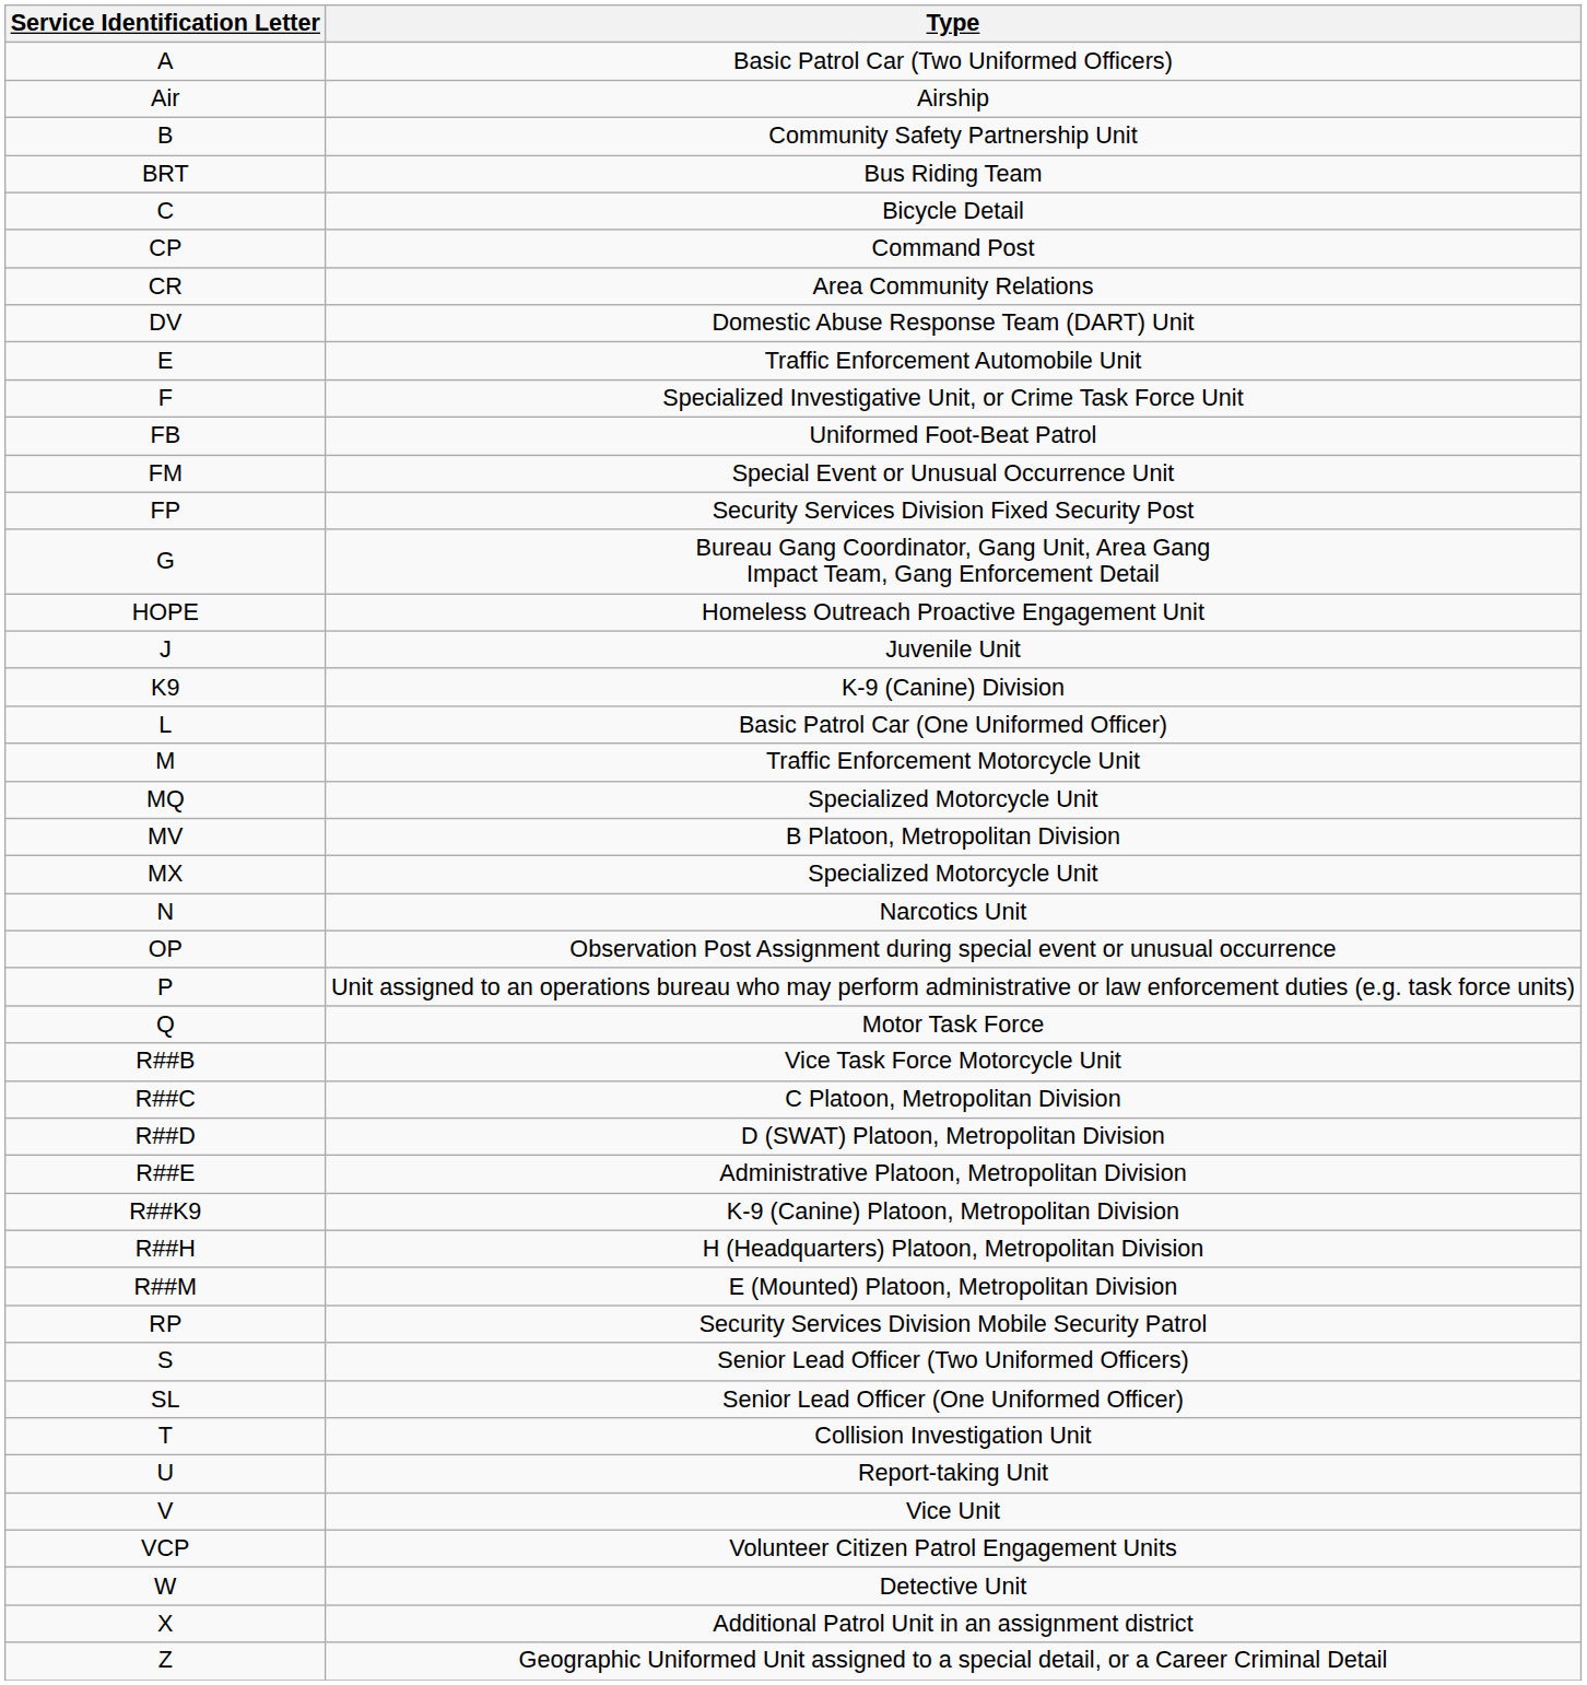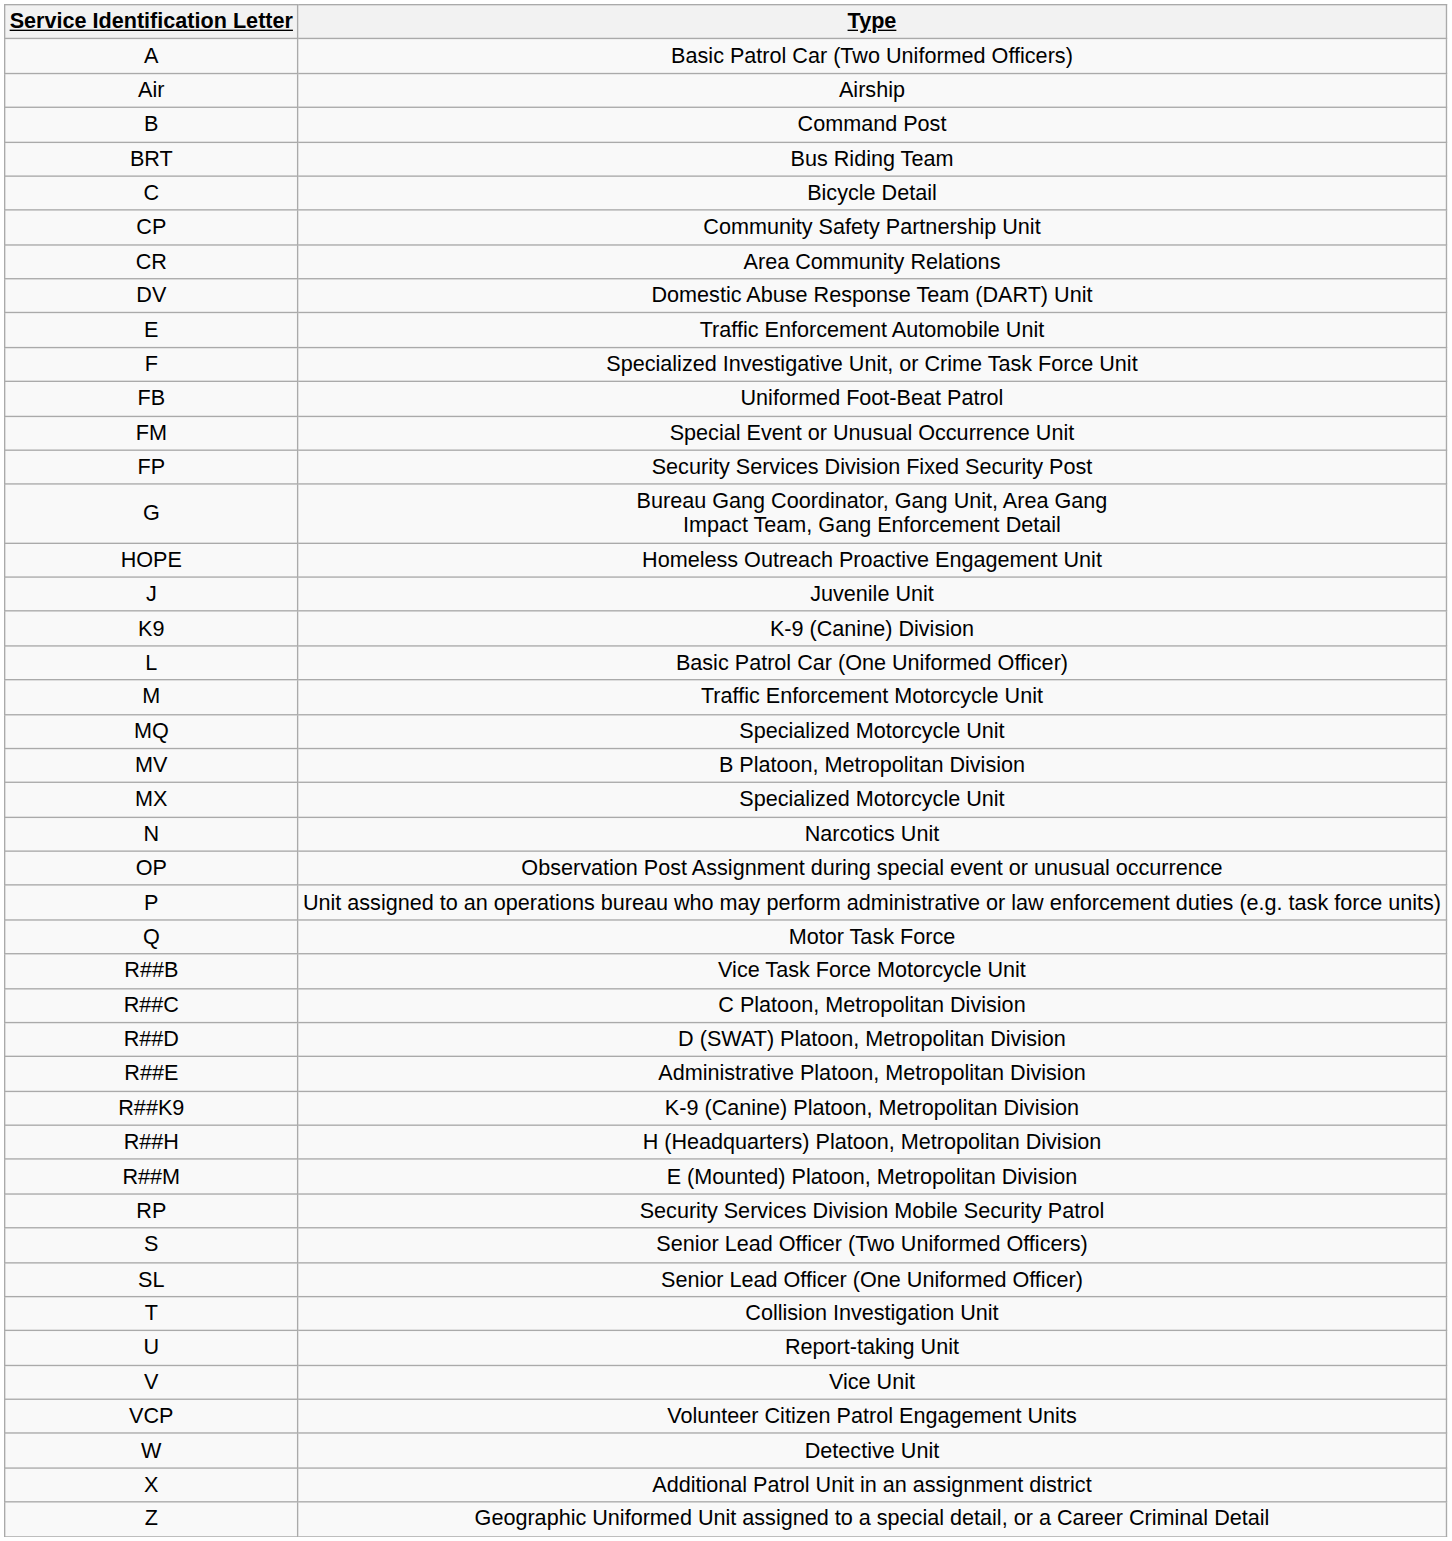 <table class="wikitable" style="text-align:center;">
 <tr style="font-weight:bold; text-decoration:underline;">
 <th>Service Identification Letter</th>
 <th>Type</th>
 </tr>
 <tr>
 <td>A</td>
 <td>Basic Patrol Car (Two Uniformed Officers)</td>
 </tr>
 <tr>
 <td>Air</td>
 <td>Airship</td>
 </tr>
 <tr>
 <td>B</td>
-<td>Community Safety Partnership Unit</td>
+<td>Command Post</td>
 </tr>
 <tr>
 <td>BRT</td>
 <td>Bus Riding Team</td>
 </tr>
 <tr>
 <td>C</td>
 <td>Bicycle Detail</td>
 </tr>
 <tr>
 <td>CP</td>
-<td>Command Post</td>
+<td>Community Safety Partnership Unit</td>
 </tr>
 <tr>
 <td>CR</td>
 <td>Area Community Relations</td>
 </tr>
 <tr>
 <td>DV</td>
 <td>Domestic Abuse Response Team (DART) Unit</td>
 </tr>
 <tr>
 <td>E</td>
 <td>Traffic Enforcement Automobile Unit</td>
 </tr>
 <tr>
 <td>F</td>
 <td>Specialized Investigative Unit, or Crime Task Force Unit</td>
 </tr>
 <tr>
 <td>FB</td>
 <td>Uniformed Foot-Beat Patrol</td>
 </tr>
 <tr>
 <td>FM</td>
 <td>Special Event or Unusual Occurrence Unit</td>
 </tr>
 <tr>
 <td>FP</td>
 <td>Security Services Division Fixed Security Post</td>
 </tr>
 <tr>
 <td>G</td>
 <td>Bureau Gang Coordinator, Gang Unit, Area Gang<br>Impact Team, Gang Enforcement Detail</td>
 </tr>
 <tr>
 <td>HOPE</td>
 <td>Homeless Outreach Proactive Engagement Unit</td>
 </tr>
 <tr>
 <td>J</td>
 <td>Juvenile Unit</td>
 </tr>
 <tr>
 <td>K9</td>
 <td>K-9 (Canine) Division</td>
 </tr>
 <tr>
 <td>L</td>
 <td>Basic Patrol Car (One Uniformed Officer)</td>
 </tr>
 <tr>
 <td>M</td>
 <td>Traffic Enforcement Motorcycle Unit</td>
 </tr>
 <tr>
 <td>MQ</td>
 <td>Specialized Motorcycle Unit</td>
 </tr>
 <tr>
 <td>MV</td>
 <td>B Platoon, Metropolitan Division</td>
 </tr>
 <tr>
 <td>MX</td>
 <td>Specialized Motorcycle Unit</td>
 </tr>
 <tr>
 <td>N</td>
 <td>Narcotics Unit</td>
 </tr>
 <tr>
 <td>OP</td>
 <td>Observation Post Assignment during special event or unusual occurrence</td>
 </tr>
 <tr>
 <td>P</td>
 <td>Unit assigned to an operations bureau who may perform administrative or law enforcement duties (e.g. task force units)</td>
 </tr>
 <tr>
 <td>Q</td>
 <td>Motor Task Force</td>
 </tr>
 <tr>
 <td>R##B</td>
 <td>Vice Task Force Motorcycle Unit</td>
 </tr>
 <tr>
 <td>R##C</td>
 <td>C Platoon, Metropolitan Division</td>
 </tr>
 <tr>
 <td>R##D</td>
 <td>D (SWAT) Platoon, Metropolitan Division</td>
 </tr>
 <tr>
 <td>R##E</td>
 <td>Administrative Platoon, Metropolitan Division</td>
 </tr>
 <tr>
 <td>R##K9</td>
 <td>K-9 (Canine) Platoon, Metropolitan Division</td>
 </tr>
 <tr>
 <td>R##H</td>
 <td>H (Headquarters) Platoon, Metropolitan Division</td>
 </tr>
 <tr>
 <td>R##M</td>
 <td>E (Mounted) Platoon, Metropolitan Division</td>
 </tr>
 <tr>
 <td>RP</td>
 <td>Security Services Division Mobile Security Patrol</td>
 </tr>
 <tr>
 <td>S</td>
 <td>Senior Lead Officer (Two Uniformed Officers)</td>
 </tr>
 <tr>
 <td>SL</td>
 <td>Senior Lead Officer (One Uniformed Officer)</td>
 </tr>
 <tr>
 <td>T</td>
 <td>Collision Investigation Unit</td>
 </tr>
 <tr>
 <td>U</td>
 <td>Report-taking Unit</td>
 </tr>
 <tr>
 <td>V</td>
 <td>Vice Unit</td>
 </tr>
 <tr>
 <td>VCP</td>
 <td>Volunteer Citizen Patrol Engagement Units</td>
 </tr>
 <tr>
 <td>W</td>
 <td>Detective Unit</td>
 </tr>
 <tr>
 <td>X</td>
 <td>Additional Patrol Unit in an assignment district</td>
 </tr>
 <tr>
 <td>Z</td>
 <td>Geographic Uniformed Unit assigned to a special detail, or a Career Criminal Detail</td>
 </tr>
 </table>
